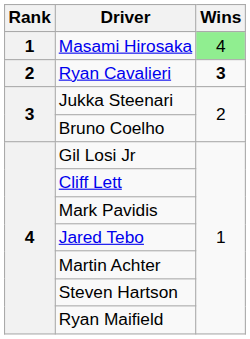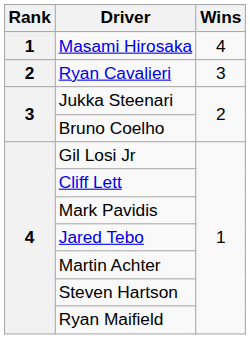 <table class="wikitable">
 <tr>
 <th>Rank</th>
 <th>Driver</th>
 <th>Wins</th>
 </tr>
 <tr>
 <th>1</th>
 <td> <a href='#'>Masami Hirosaka</a></td>
-<td style="background: lightgreen; text-align:center;">4</td>
+<td style="text-align:center;">4</td>
 </tr>
 <tr>
 <th>2</th>
 <td> <a href='#'>Ryan Cavalieri</a></td>
-<td style="text-align:center;"><strong>3</strong></td>
+<td style="text-align:center;">3</td>
 </tr>
 <tr>
 <th rowspan="2">3</th>
 <td> Jukka Steenari</td>
 <td rowspan="2" style="text-align:center;">2</td>
 </tr>
 <tr>
 <td> Bruno Coelho</td>
 </tr>
 <tr>
 <th rowspan="7">4</th>
 <td> Gil Losi Jr</td>
 <td rowspan="7" style="text-align:center;">1</td>
 </tr>
 <tr>
 <td> <a href='#'>Cliff Lett</a></td>
 </tr>
 <tr>
 <td> Mark Pavidis</td>
 </tr>
 <tr>
 <td> <a href='#'>Jared Tebo</a></td>
 </tr>
 <tr>
 <td> Martin Achter</td>
 </tr>
 <tr>
 <td> Steven Hartson</td>
 </tr>
 <tr>
 <td> Ryan Maifield</td>
 </tr>
 </table>
